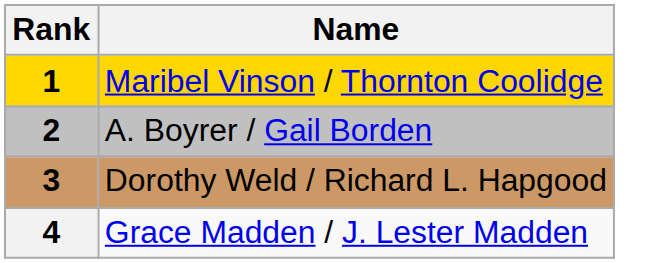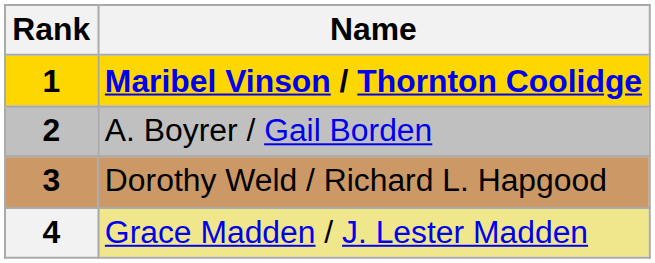 <table class="wikitable">
 <tr>
 <th>Rank</th>
 <th>Name</th>
 </tr>
 <tr bgcolor="gold">
 <td align="center"><strong>1</strong></td>
-<td><a href='#'>Maribel Vinson</a> / <a href='#'>Thornton Coolidge</a></td>
+<td><strong><a href='#'>Maribel Vinson</a> / <a href='#'>Thornton Coolidge</a></strong></td>
 </tr>
 <tr bgcolor="silver">
 <td align="center"><strong>2</strong></td>
 <td>A. Boyrer / <a href='#'>Gail Borden</a></td>
 </tr>
 <tr bgcolor="cc9966">
 <td align="center"><strong>3</strong></td>
 <td>Dorothy Weld / Richard L. Hapgood</td>
 </tr>
 <tr>
 <th>4</th>
-<td><a href='#'>Grace Madden</a> / <a href='#'>J. Lester Madden</a></td>
+<td style="background: khaki;"><a href='#'>Grace Madden</a> / <a href='#'>J. Lester Madden</a></td>
 </tr>
 </table>
